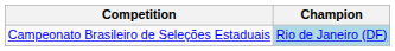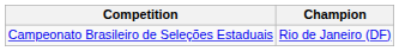 <table class="wikitable">
 <tr>
 <th>Competition</th>
 <th>Champion</th>
 </tr>
 <tr>
 <td><a href='#'>Campeonato Brasileiro de Seleções Estaduais</a></td>
-<td style="background: lightblue;"><a href='#'>Rio de Janeiro (DF)</a></td>
+<td><a href='#'>Rio de Janeiro (DF)</a></td>
 </tr>
 </table>
